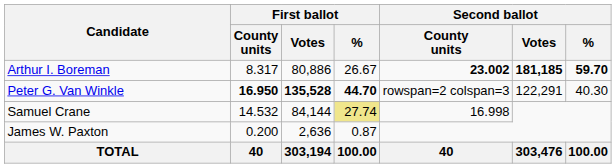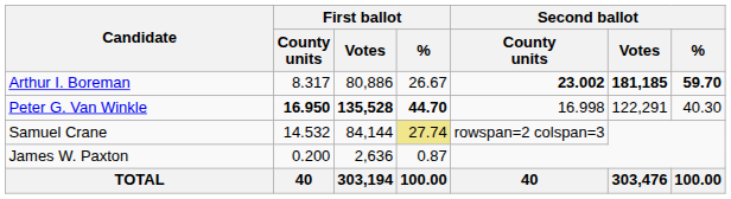 <table class="wikitable sortable" style="text-align:right">
 <tr>
 <th rowspan=2 style="width: 17em">Candidate</th>
 <th colspan=3>First ballot</th>
 <th colspan=3>Second ballot</th>
 </tr>
 <tr>
 <th>County<br>units</th>
 <th>Votes</th>
 <th>%</th>
 <th>County<br>units</th>
 <th>Votes</th>
 <th>%</th>
 </tr>
 <tr>
 <td align=left><a href='#'>Arthur I. Boreman</a></td>
 <td>8.317</td>
 <td>80,886</td>
 <td>26.67</td>
 <td><strong>23.002</strong></td>
 <td><strong>181,185</strong></td>
 <td><strong>59.70</strong></td>
 </tr>
 <tr>
 <td align=left><a href='#'>Peter G. Van Winkle</a></td>
 <td><strong>16.950</strong></td>
 <td><strong>135,528</strong></td>
 <td><strong>44.70</strong></td>
-<td>rowspan=2 colspan=3 </td>
+<td>16.998</td>
 <td>122,291</td>
 <td>40.30</td>
 </tr>
 <tr>
 <td align=left>Samuel Crane</td>
 <td>14.532</td>
 <td>84,144</td>
 <td style="background: khaki;">27.74</td>
-<td>16.998</td>
+<td>rowspan=2 colspan=3 </td>
 </tr>
 <tr>
 <td align=left>James W. Paxton</td>
 <td>0.200</td>
 <td>2,636</td>
 <td>0.87</td>
 </tr>
 <tr>
 <th>TOTAL</th>
 <th>40</th>
 <th>303,194</th>
 <th>100.00</th>
 <th>40</th>
 <th>303,476</th>
 <th>100.00</th>
 </tr>
 </table>
